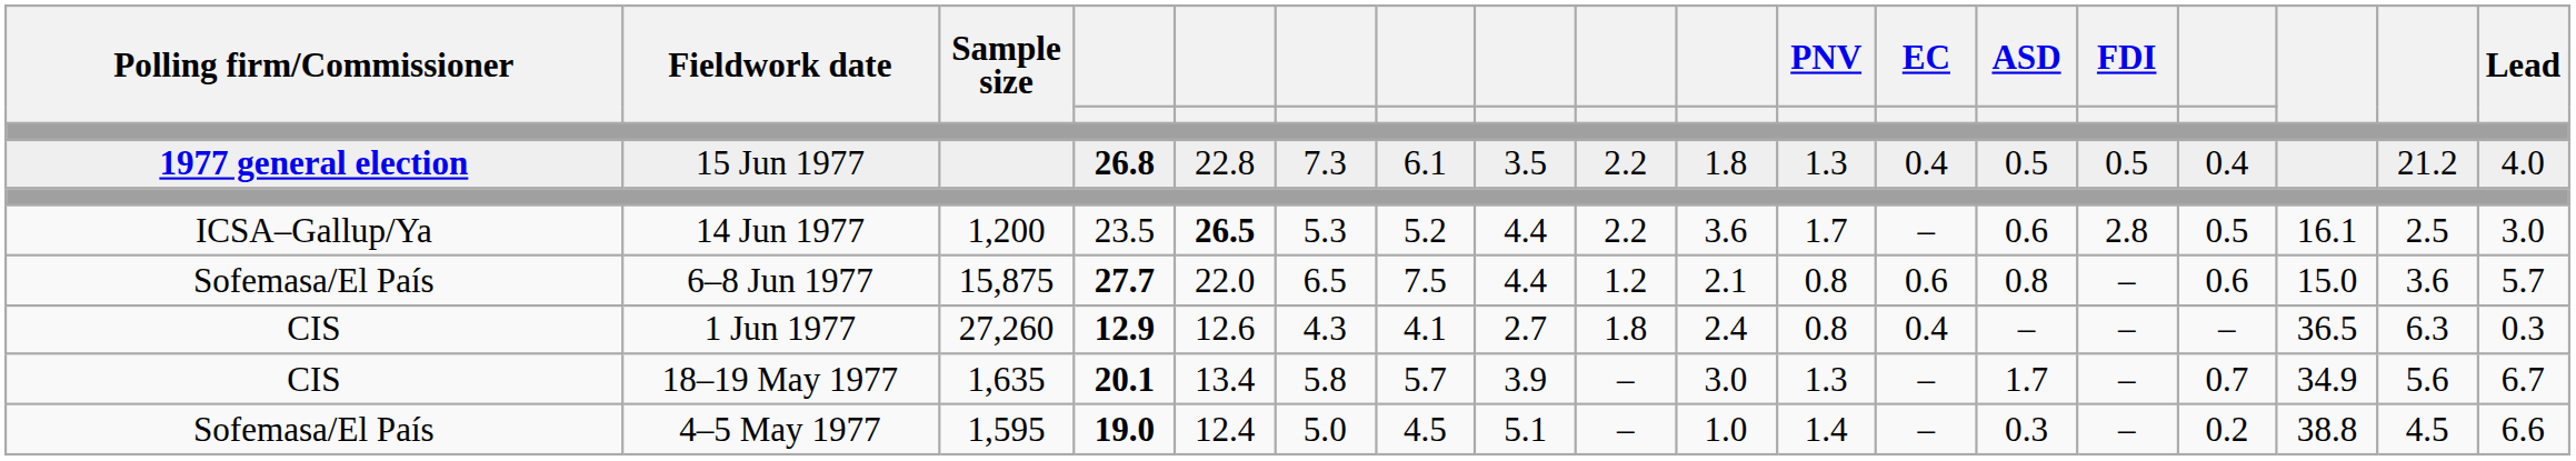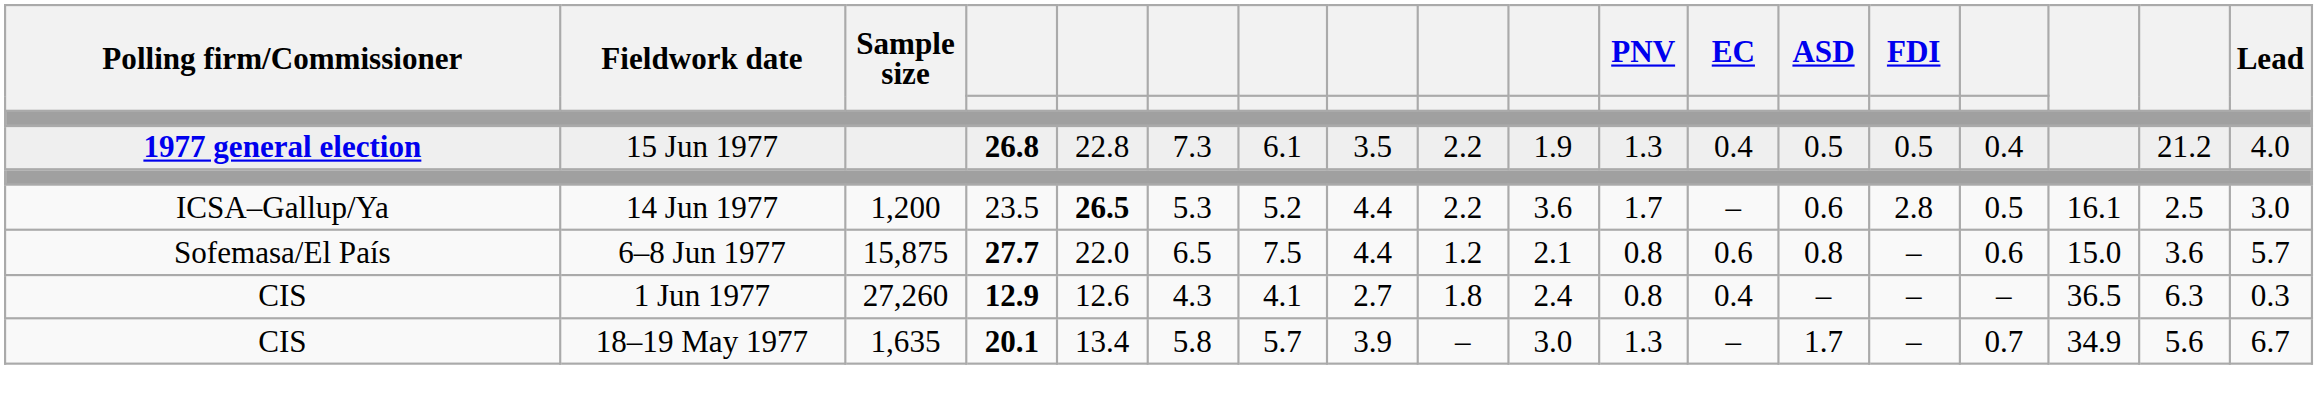 <table class="wikitable collapsible collapsed" style="text-align:center; font-size:90%; line-height:14px;">
 <tr style="height:42px;">
 <th style="width:250px;" rowspan="2">Polling firm/Commissioner</th>
 <th style="width:125px;" rowspan="2">Fieldwork date</th>
 <th style="width:50px;" rowspan="2">Sample size</th>
 <th style="width:35px;"></th>
 <th style="width:35px;"></th>
 <th style="width:35px;"></th>
 <th style="width:35px;"></th>
 <th style="width:35px;"></th>
 <th style="width:35px;"></th>
 <th style="width:35px;"></th>
 <th style="width:35px;"><a href='#'>PNV</a></th>
 <th style="width:35px;"><a href='#'>EC</a></th>
 <th style="width:35px;"><a href='#'>ASD</a></th>
 <th style="width:35px;"><a href='#'>FDI</a></th>
 <th style="width:35px;"></th>
 <th style="width:35px;" rowspan="2"></th>
 <th style="width:35px;" rowspan="2"></th>
 <th style="width:30px;" rowspan="2">Lead</th>
 </tr>
 <tr>
 <th style="color:inherit;background:"></th>
 <th style="color:inherit;background:"></th>
 <th style="color:inherit;background:"></th>
 <th style="color:inherit;background:"></th>
 <th style="color:inherit;background:"></th>
 <th style="color:inherit;background:"></th>
 <th style="color:inherit;background:"></th>
 <th style="color:inherit;background:"></th>
 <th style="color:inherit;background:"></th>
 <th style="color:inherit;background:"></th>
 <th style="color:inherit;background:"></th>
 <th style="color:inherit;background:"></th>
 </tr>
 <tr>
 <td colspan="18" style="background:#A0A0A0"></td>
 </tr>
 <tr style="background:#EFEFEF;">
 <td><strong><a href='#'>1977 general election</a></strong></td>
 <td>15 Jun 1977</td>
 <td></td>
 <td><strong>26.8</strong></td>
 <td>22.8</td>
 <td>7.3</td>
 <td>6.1</td>
 <td>3.5</td>
 <td>2.2</td>
-<td>1.8</td>
+<td>1.9</td>
 <td>1.3</td>
 <td>0.4</td>
 <td>0.5</td>
 <td>0.5</td>
 <td>0.4</td>
 <td></td>
 <td>21.2</td>
 <td style="background:">4.0</td>
 </tr>
 <tr>
 <td colspan="18" style="background:#A0A0A0"></td>
 </tr>
 <tr>
 <td>ICSA–Gallup/Ya</td>
 <td>14 Jun 1977</td>
 <td>1,200</td>
 <td>23.5</td>
 <td><strong>26.5</strong></td>
 <td>5.3</td>
 <td>5.2</td>
 <td>4.4</td>
 <td>2.2</td>
 <td>3.6</td>
 <td>1.7</td>
 <td>–</td>
 <td>0.6</td>
 <td>2.8</td>
 <td>0.5</td>
 <td>16.1</td>
 <td>2.5</td>
 <td style="background:">3.0</td>
 </tr>
 <tr>
 <td>Sofemasa/El País</td>
 <td>6–8 Jun 1977</td>
 <td>15,875</td>
 <td><strong>27.7</strong></td>
 <td>22.0</td>
 <td>6.5</td>
 <td>7.5</td>
 <td>4.4</td>
 <td>1.2</td>
 <td>2.1</td>
 <td>0.8</td>
 <td>0.6</td>
 <td>0.8</td>
 <td>–</td>
 <td>0.6</td>
 <td>15.0</td>
 <td>3.6</td>
 <td style="background:">5.7</td>
 </tr>
 <tr>
 <td>CIS</td>
 <td>1 Jun 1977</td>
 <td>27,260</td>
 <td><strong>12.9</strong></td>
 <td>12.6</td>
 <td>4.3</td>
 <td>4.1</td>
 <td>2.7</td>
 <td>1.8</td>
 <td>2.4</td>
 <td>0.8</td>
 <td>0.4</td>
 <td>–</td>
 <td>–</td>
 <td>–</td>
 <td>36.5</td>
 <td>6.3</td>
 <td style="background:">0.3</td>
 </tr>
 <tr>
 <td>CIS</td>
 <td>18–19 May 1977</td>
 <td>1,635</td>
 <td><strong>20.1</strong></td>
 <td>13.4</td>
 <td>5.8</td>
 <td>5.7</td>
 <td>3.9</td>
 <td>–</td>
 <td>3.0</td>
 <td>1.3</td>
 <td>–</td>
 <td>1.7</td>
 <td>–</td>
 <td>0.7</td>
 <td>34.9</td>
 <td>5.6</td>
 <td style="background:">6.7</td>
 </tr>
-<tr>
-<td>Sofemasa/El País</td>
-<td>4–5 May 1977</td>
-<td>1,595</td>
-<td><strong>19.0</strong></td>
-<td>12.4</td>
-<td>5.0</td>
-<td>4.5</td>
-<td>5.1</td>
-<td>–</td>
-<td>1.0</td>
-<td>1.4</td>
-<td>–</td>
-<td>0.3</td>
-<td>–</td>
-<td>0.2</td>
-<td>38.8</td>
-<td>4.5</td>
-<td style="background:">6.6</td>
-</tr>
 </table>
